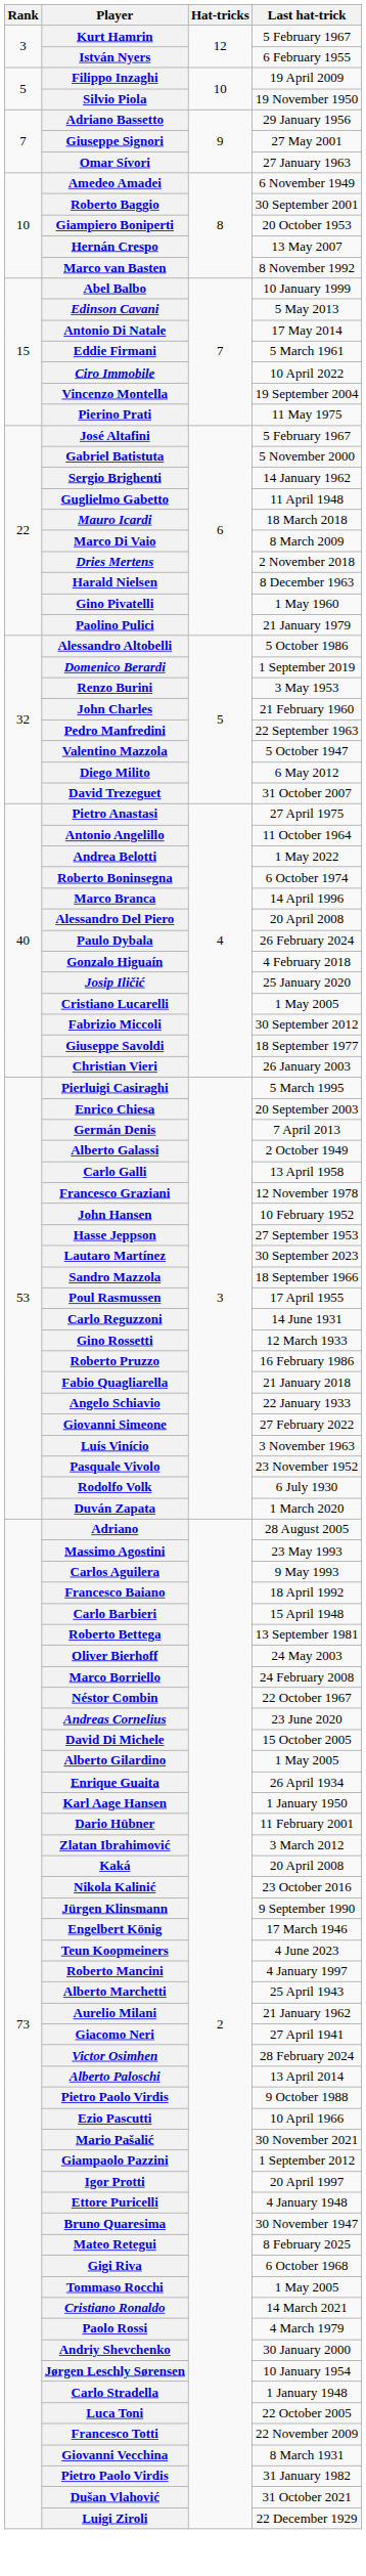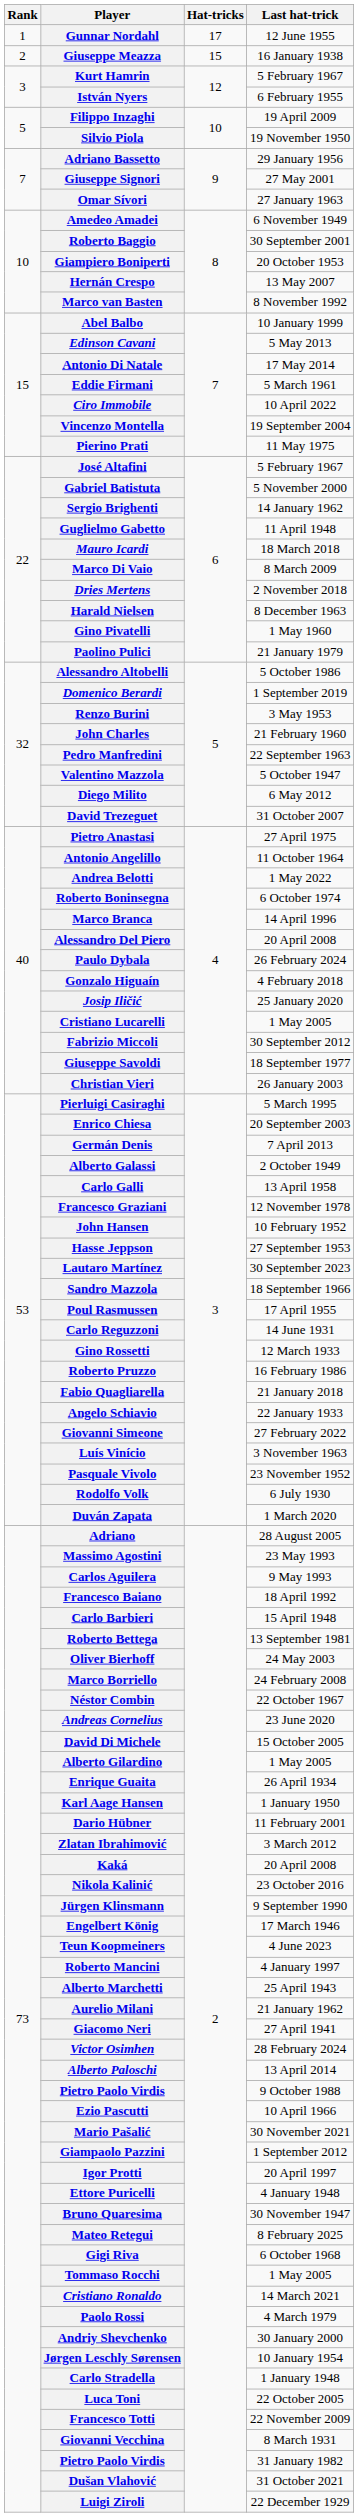 <table class="wikitable plainrowheaders">
 <tr>
 <th scope="col">Rank</th>
 <th scope="col">Player</th>
 <th scope="col">Hat-tricks</th>
 <th scope="col">Last hat-trick</th>
+</tr>
+<tr>
+<td align="center" style="border-top:1px solid silver">1</td>
+<th scope="row"> <a href='#'>Gunnar Nordahl</a></th>
+<td align="center" style="text-align:center;border-top:1px solid silver">17</td>
+<td align="center">12 June 1955</td>
+</tr>
+<tr>
+<td align="center" style="border-top:1px solid silver">2</td>
+<th scope="row"> <a href='#'>Giuseppe Meazza</a></th>
+<td align="center" style="text-align:center;border-top:1px solid silver">15</td>
+<td align="center">16 January 1938</td>
 </tr>
 <tr>
 <td rowspan="2" align="center" style="border-top:1px solid silver">3</td>
 <th scope="row"> <a href='#'>Kurt Hamrin</a></th>
 <td rowspan="2" style="text-align:center;border-top:1px solid silver">12</td>
 <td align="center">5 February 1967</td>
 </tr>
 <tr>
 <th scope="row"> <a href='#'>István Nyers</a></th>
 <td align="center">6 February 1955</td>
 </tr>
 <tr>
 <td rowspan="2" align="center" style="border-top:1px solid silver">5</td>
 <th scope="row"> <a href='#'>Filippo Inzaghi</a></th>
 <td rowspan="2" style="text-align:center;border-top:1px solid silver">10</td>
 <td align="center">19 April 2009</td>
 </tr>
 <tr>
 <th style="border-top:1px solid silver" scope="row"> <a href='#'>Silvio Piola</a></th>
 <td align="center">19 November 1950</td>
 </tr>
 <tr>
 <td rowspan="3" align="center" style="border-top:1px solid silver">7</td>
 <th scope="row"> <a href='#'>Adriano Bassetto</a></th>
 <td rowspan="3" style="text-align:center;border-top:1px solid silver">9</td>
 <td align="center">29 January 1956</td>
 </tr>
 <tr>
 <th scope="row"> <a href='#'>Giuseppe Signori</a></th>
 <td align="center">27 May 2001</td>
 </tr>
 <tr>
 <th scope="row"> <a href='#'>Omar Sívori</a></th>
 <td align="center">27 January 1963</td>
 </tr>
 <tr>
 <td rowspan="5" align="center" style="border-top:1px solid silver">10</td>
 <th style="border-top:1px solid silver" scope="row"> <a href='#'>Amedeo Amadei</a></th>
 <td rowspan="5" style="text-align:center;border-top:1px solid silver">8</td>
 <td align="center">6 November 1949</td>
 </tr>
 <tr>
 <th scope="row"> <a href='#'>Roberto Baggio</a></th>
 <td align="center">30 September 2001</td>
 </tr>
 <tr>
 <th scope="row"> <a href='#'>Giampiero Boniperti</a></th>
 <td align="center">20 October 1953</td>
 </tr>
 <tr>
 <th scope="row"> <a href='#'>Hernán Crespo</a></th>
 <td align="center">13 May 2007</td>
 </tr>
 <tr>
 <th scope="row"> <a href='#'>Marco van Basten</a></th>
 <td align="center">8 November 1992</td>
 </tr>
 <tr>
 <td rowspan="7" align="center" style="border-top:1px solid silver">15</td>
 <th style="border-top:1px solid silver" scope="row"> <a href='#'>Abel Balbo</a></th>
 <td rowspan="7" style="text-align:center;border-top:1px solid silver">7</td>
 <td align="center">10 January 1999</td>
 </tr>
 <tr>
 <th scope="row"> <em><a href='#'>Edinson Cavani</a></em></th>
 <td align="center">5 May 2013</td>
 </tr>
 <tr>
 <th scope="row"> <a href='#'>Antonio Di Natale</a></th>
 <td align="center">17 May 2014</td>
 </tr>
 <tr>
 <th scope="row"> <a href='#'>Eddie Firmani</a></th>
 <td align="center">5 March 1961</td>
 </tr>
 <tr>
 <th scope="row"> <em><a href='#'>Ciro Immobile</a></em></th>
 <td align="center">10 April 2022</td>
 </tr>
 <tr>
 <th scope="row"> <a href='#'>Vincenzo Montella</a></th>
 <td align="center">19 September 2004</td>
 </tr>
 <tr>
 <th scope="row"> <a href='#'>Pierino Prati</a></th>
 <td align="center">11 May 1975</td>
 </tr>
 <tr>
 <td rowspan="10" align="center" style="border-top:1px solid silver">22</td>
 <th style="border-top:1px solid silver" scope="row"> <a href='#'>José Altafini</a></th>
 <td rowspan="10" style="text-align:center;border-top:1px solid silver">6</td>
 <td align="center">5 February 1967</td>
 </tr>
 <tr>
 <th scope="row"> <a href='#'>Gabriel Batistuta</a></th>
 <td align="center">5 November 2000</td>
 </tr>
 <tr>
 <th scope="row"> <a href='#'>Sergio Brighenti</a></th>
 <td align="center">14 January 1962</td>
 </tr>
 <tr>
 <th scope="row"> <a href='#'>Guglielmo Gabetto</a></th>
 <td align="center">11 April 1948</td>
 </tr>
 <tr>
 <th scope="row"> <em><a href='#'>Mauro Icardi</a></em></th>
 <td align="center">18 March 2018</td>
 </tr>
 <tr>
 <th scope="row"> <a href='#'>Marco Di Vaio</a></th>
 <td align="center">8 March 2009</td>
 </tr>
 <tr>
 <th scope="row"> <em><a href='#'>Dries Mertens</a></em></th>
 <td align="center">2 November 2018</td>
 </tr>
 <tr>
 <th scope="row"> <a href='#'>Harald Nielsen</a></th>
 <td align="center">8 December 1963</td>
 </tr>
 <tr>
 <th scope="row"> <a href='#'>Gino Pivatelli</a></th>
 <td align="center">1 May 1960</td>
 </tr>
 <tr>
 <th scope="row"> <a href='#'>Paolino Pulici</a></th>
 <td align="center">21 January 1979</td>
 </tr>
 <tr>
 <td rowspan="8" align="center" style="border-top:1px solid silver">32</td>
 <th scope="row"> <a href='#'>Alessandro Altobelli</a></th>
 <td rowspan="8" style="text-align:center;border-top:1px solid silver">5</td>
 <td align="center">5 October 1986</td>
 </tr>
 <tr>
 <th scope="row"> <em><a href='#'>Domenico Berardi</a></em></th>
 <td align="center">1 September 2019</td>
 </tr>
 <tr>
 <th scope="row"> <a href='#'>Renzo Burini</a></th>
 <td align="center">3 May 1953</td>
 </tr>
 <tr>
 <th scope="row"> <a href='#'>John Charles</a></th>
 <td align="center">21 February 1960</td>
 </tr>
 <tr>
 <th scope="row"> <a href='#'>Pedro Manfredini</a></th>
 <td align="center">22 September 1963</td>
 </tr>
 <tr>
 <th scope="row"> <a href='#'>Valentino Mazzola</a></th>
 <td align="center">5 October 1947</td>
 </tr>
 <tr>
 <th scope="row"> <a href='#'>Diego Milito</a></th>
 <td align="center">6 May 2012</td>
 </tr>
 <tr>
 <th scope="row"> <a href='#'>David Trezeguet</a></th>
 <td align="center">31 October 2007</td>
 </tr>
 <tr>
 <td rowspan="13" align="center" style="border-top:1px solid silver">40</td>
 <th scope="row"> <a href='#'>Pietro Anastasi</a></th>
 <td rowspan="13" style="text-align:center;border-top:1px solid silver">4</td>
 <td align="center">27 April 1975</td>
 </tr>
 <tr>
 <th scope="row"> <a href='#'>Antonio Angelillo</a></th>
 <td align="center">11 October 1964</td>
 </tr>
 <tr>
 <th scope="row"> <strong><a href='#'>Andrea Belotti</a></strong></th>
 <td align="center">1 May 2022</td>
 </tr>
 <tr>
 <th scope="row"> <a href='#'>Roberto Boninsegna</a></th>
 <td align="center">6 October 1974</td>
 </tr>
 <tr>
 <th scope="row"> <a href='#'>Marco Branca</a></th>
 <td align="center">14 April 1996</td>
 </tr>
 <tr>
 <th scope="row"> <a href='#'>Alessandro Del Piero</a></th>
 <td align="center">20 April 2008</td>
 </tr>
 <tr>
 <th scope="row"> <strong><a href='#'>Paulo Dybala</a></strong></th>
 <td align="center">26 February 2024</td>
 </tr>
 <tr>
 <th scope="row"> <a href='#'>Gonzalo Higuaín</a></th>
 <td align="center">4 February 2018</td>
 </tr>
 <tr>
 <th scope="row"> <em><a href='#'>Josip Iličić</a></em></th>
 <td align="center">25 January 2020</td>
 </tr>
 <tr>
 <th scope="row"> <a href='#'>Cristiano Lucarelli</a></th>
 <td align="center">1 May 2005</td>
 </tr>
 <tr>
 <th scope="row"> <a href='#'>Fabrizio Miccoli</a></th>
 <td align="center">30 September 2012</td>
 </tr>
 <tr>
 <th scope="row"> <a href='#'>Giuseppe Savoldi</a></th>
 <td align="center">18 September 1977</td>
 </tr>
 <tr>
 <th scope="row"> <a href='#'>Christian Vieri</a></th>
 <td align="center">26 January 2003</td>
 </tr>
 <tr>
 <td rowspan="21" align="center" style="border-top:1px solid silver">53</td>
 <th style="border-top:1px solid silver" scope="row"> <a href='#'>Pierluigi Casiraghi</a></th>
 <td rowspan="21" style="text-align:center;border-top:1px solid silver">3</td>
 <td align="center">5 March 1995</td>
 </tr>
 <tr>
 <th scope="row"> <a href='#'>Enrico Chiesa</a></th>
 <td align="center">20 September 2003</td>
 </tr>
 <tr>
 <th scope="row"> <a href='#'>Germán Denis</a></th>
 <td align="center">7 April 2013</td>
 </tr>
 <tr>
 <th scope="row"> <a href='#'>Alberto Galassi</a></th>
 <td align="center">2 October 1949</td>
 </tr>
 <tr>
 <th scope="row"> <a href='#'>Carlo Galli</a></th>
 <td align="center">13 April 1958</td>
 </tr>
 <tr>
 <th scope="row"> <a href='#'>Francesco Graziani</a></th>
 <td align="center">12 November 1978</td>
 </tr>
 <tr>
 <th scope="row"> <a href='#'>John Hansen</a></th>
 <td align="center">10 February 1952</td>
 </tr>
 <tr>
 <th scope="row"> <a href='#'>Hasse Jeppson</a></th>
 <td align="center">27 September 1953</td>
 </tr>
 <tr>
 <th scope="row"> <strong><a href='#'>Lautaro Martínez</a></strong></th>
 <td align="center">30 September 2023</td>
 </tr>
 <tr>
 <th scope="row"> <a href='#'>Sandro Mazzola</a></th>
 <td align="center">18 September 1966</td>
 </tr>
 <tr>
 <th scope="row"> <a href='#'>Poul Rasmussen</a></th>
 <td align="center">17 April 1955</td>
 </tr>
 <tr>
 <th scope="row"> <a href='#'>Carlo Reguzzoni</a></th>
 <td align="center">14 June 1931</td>
 </tr>
 <tr>
 <th scope="row"> <a href='#'>Gino Rossetti</a></th>
 <td align="center">12 March 1933</td>
 </tr>
 <tr>
 <th scope="row"> <a href='#'>Roberto Pruzzo</a></th>
 <td align="center">16 February 1986</td>
 </tr>
 <tr>
 <th scope="row"> <a href='#'>Fabio Quagliarella</a></th>
 <td align="center">21 January 2018</td>
 </tr>
 <tr>
 <th scope="row"> <a href='#'>Angelo Schiavio</a></th>
 <td align="center">22 January 1933</td>
 </tr>
 <tr>
 <th scope="row"> <strong><a href='#'>Giovanni Simeone</a></strong></th>
 <td align="center">27 February 2022</td>
 </tr>
 <tr>
 <th scope="row"> <a href='#'>Luís Vinício</a></th>
 <td align="center">3 November 1963</td>
 </tr>
 <tr>
 <th scope="row"> <a href='#'>Pasquale Vivolo</a></th>
 <td align="center">23 November 1952</td>
 </tr>
 <tr>
 <th scope="row"> <a href='#'>Rodolfo Volk</a></th>
 <td align="center">6 July 1930</td>
 </tr>
 <tr>
 <th scope="row"> <strong><a href='#'>Duván Zapata</a></strong></th>
 <td align="center">1 March 2020</td>
 </tr>
 <tr>
 <td rowspan="48" align="center" style="border-top:1px solid silver">73</td>
 <th style="border-top:1px solid silver" scope="row"> <a href='#'>Adriano</a></th>
 <td rowspan="48" style="border-top:1px solid silver;text-align:center">2</td>
 <td align="center">28 August 2005</td>
 </tr>
 <tr>
 <th scope="row"> <a href='#'>Massimo Agostini</a></th>
 <td align="center">23 May 1993</td>
 </tr>
 <tr>
 <th scope="row"> <a href='#'>Carlos Aguilera</a></th>
 <td align="center">9 May 1993</td>
 </tr>
 <tr>
 <th scope="row"> <a href='#'>Francesco Baiano</a></th>
 <td align="center">18 April 1992</td>
 </tr>
 <tr>
 <th scope="row"> <a href='#'>Carlo Barbieri</a></th>
 <td align="center">15 April 1948</td>
 </tr>
 <tr>
 <th scope="row"> <a href='#'>Roberto Bettega</a></th>
 <td align="center">13 September 1981</td>
 </tr>
 <tr>
 <th scope="row"> <a href='#'>Oliver Bierhoff</a></th>
 <td align="center">24 May 2003</td>
 </tr>
 <tr>
 <th scope="row"> <a href='#'>Marco Borriello</a></th>
 <td align="center">24 February 2008</td>
 </tr>
 <tr>
 <th scope="row"> <a href='#'>Néstor Combin</a></th>
 <td align="center">22 October 1967</td>
 </tr>
 <tr>
 <th scope="row"> <em><a href='#'>Andreas Cornelius</a></em></th>
 <td align="center">23 June 2020</td>
 </tr>
 <tr>
 <th scope="row"> <a href='#'>David Di Michele</a></th>
 <td align="center">15 October 2005</td>
 </tr>
 <tr>
 <th scope="row"> <a href='#'>Alberto Gilardino</a></th>
 <td align="center">1 May 2005</td>
 </tr>
 <tr>
 <th scope="row"> <a href='#'>Enrique Guaita</a></th>
 <td align="center">26 April 1934</td>
 </tr>
 <tr>
 <th scope="row"> <a href='#'>Karl Aage Hansen</a></th>
 <td align="center">1 January 1950</td>
 </tr>
 <tr>
 <th scope="row"> <a href='#'>Dario Hübner</a></th>
 <td align="center">11 February 2001</td>
 </tr>
 <tr>
 <th scope="row"> <a href='#'>Zlatan Ibrahimović</a></th>
 <td align="center">3 March 2012</td>
 </tr>
 <tr>
 <th scope="row"> <a href='#'>Kaká</a></th>
 <td align="center">20 April 2008</td>
 </tr>
 <tr>
 <th scope="row"> <a href='#'>Nikola Kalinić</a></th>
 <td align="center">23 October 2016</td>
 </tr>
 <tr>
 <th scope="row"> <a href='#'>Jürgen Klinsmann</a></th>
 <td align="center">9 September 1990</td>
 </tr>
 <tr>
 <th scope="row"> <a href='#'>Engelbert König</a></th>
 <td align="center">17 March 1946</td>
 </tr>
 <tr>
 <th scope="row"> <strong><a href='#'>Teun Koopmeiners</a></strong></th>
 <td align="center">4 June 2023</td>
 </tr>
 <tr>
 <th scope="row"> <a href='#'>Roberto Mancini</a></th>
 <td align="center">4 January 1997</td>
 </tr>
 <tr>
 <th scope="row"> <a href='#'>Alberto Marchetti</a></th>
 <td align="center">25 April 1943</td>
 </tr>
 <tr>
 <th scope="row"> <a href='#'>Aurelio Milani</a></th>
 <td align="center">21 January 1962</td>
 </tr>
 <tr>
 <th scope="row"> <a href='#'>Giacomo Neri</a></th>
 <td align="center">27 April 1941</td>
 </tr>
 <tr>
 <th scope="row"> <em><a href='#'>Victor Osimhen</a></em></th>
 <td align="center">28 February 2024</td>
 </tr>
 <tr>
 <th scope="row"> <em><a href='#'>Alberto Paloschi</a></em></th>
 <td align="center">13 April 2014</td>
 </tr>
 <tr>
 <th scope="row"> <a href='#'>Pietro Paolo Virdis</a></th>
 <td align="center">9 October 1988</td>
 </tr>
 <tr>
 <th scope="row"> <a href='#'>Ezio Pascutti</a></th>
 <td align="center">10 April 1966</td>
 </tr>
 <tr>
 <th scope="row"> <strong><a href='#'>Mario Pašalić</a></strong></th>
 <td align="center">30 November 2021</td>
 </tr>
 <tr>
 <th scope="row"> <a href='#'>Giampaolo Pazzini</a></th>
 <td align="center">1 September 2012</td>
 </tr>
 <tr>
 <th scope="row"> <a href='#'>Igor Protti</a></th>
 <td align="center">20 April 1997</td>
 </tr>
 <tr>
 <th scope="row"> <a href='#'>Ettore Puricelli</a></th>
 <td align="center">4 January 1948</td>
 </tr>
 <tr>
 <th scope="row"> <a href='#'>Bruno Quaresima</a></th>
 <td align="center">30 November 1947</td>
 </tr>
 <tr>
 <th scope="row"> <strong><a href='#'>Mateo Retegui</a></strong></th>
 <td align="center">8 February 2025</td>
 </tr>
 <tr>
 <th scope="row"> <a href='#'>Gigi Riva</a></th>
 <td align="center">6 October 1968</td>
 </tr>
 <tr>
 <th scope="row"> <a href='#'>Tommaso Rocchi</a></th>
 <td align="center">1 May 2005</td>
 </tr>
 <tr>
 <th scope="row"> <em><a href='#'>Cristiano Ronaldo</a></em></th>
 <td align="center">14 March 2021</td>
 </tr>
 <tr>
 <th scope="row"> <a href='#'>Paolo Rossi</a></th>
 <td align="center">4 March 1979</td>
 </tr>
 <tr>
 <th scope="row"> <a href='#'>Andriy Shevchenko</a></th>
 <td align="center">30 January 2000</td>
 </tr>
 <tr>
 <th scope="row"> <a href='#'>Jørgen Leschly Sørensen</a></th>
 <td align="center">10 January 1954</td>
 </tr>
 <tr>
 <th scope="row"> <a href='#'>Carlo Stradella</a></th>
 <td align="center">1 January 1948</td>
 </tr>
 <tr>
 <th scope="row"> <a href='#'>Luca Toni</a></th>
 <td align="center">22 October 2005</td>
 </tr>
 <tr>
 <th scope="row"> <a href='#'>Francesco Totti</a></th>
 <td align="center">22 November 2009</td>
 </tr>
 <tr>
 <th scope="row"> <a href='#'>Giovanni Vecchina</a></th>
 <td align="center">8 March 1931</td>
 </tr>
 <tr>
 <th scope="row"> <a href='#'>Pietro Paolo Virdis</a></th>
 <td align="center">31 January 1982</td>
 </tr>
 <tr>
 <th scope="row"> <strong><a href='#'>Dušan Vlahović</a></strong></th>
 <td align="center">31 October 2021</td>
 </tr>
 <tr>
 <th scope="row"> <a href='#'>Luigi Ziroli</a></th>
 <td align="center">22 December 1929</td>
 </tr>
 </table>
